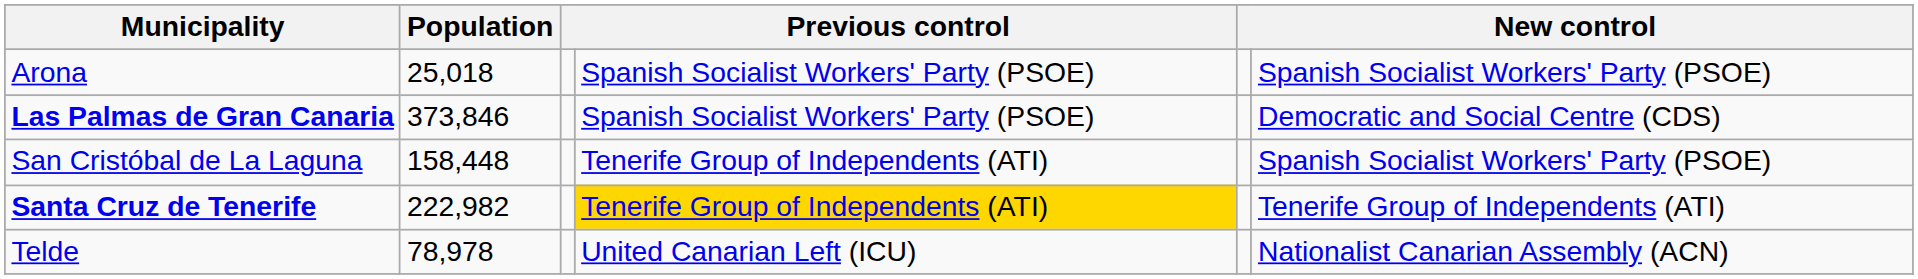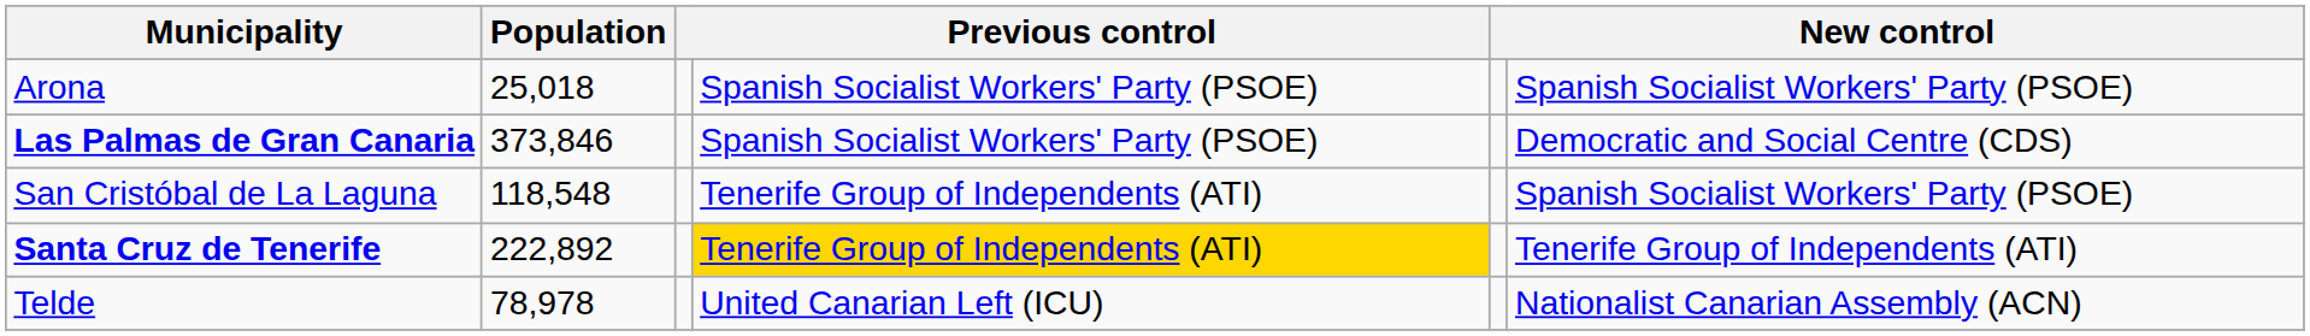 <table class="wikitable sortable">
 <tr>
 <th>Municipality</th>
 <th>Population</th>
 <th colspan="2" style="width:375px;">Previous control</th>
 <th colspan="2" style="width:375px;">New control</th>
 </tr>
 <tr>
 <td><a href='#'>Arona</a></td>
 <td>25,018</td>
 <td width="1" style="color:inherit;background:"></td>
 <td><a href='#'>Spanish Socialist Workers' Party</a> (PSOE)</td>
 <td width="1" style="color:inherit;background:"></td>
 <td><a href='#'>Spanish Socialist Workers' Party</a> (PSOE)</td>
 </tr>
 <tr>
 <td><strong><a href='#'>Las Palmas de Gran Canaria</a></strong></td>
 <td>373,846</td>
 <td style="color:inherit;background:"></td>
 <td><a href='#'>Spanish Socialist Workers' Party</a> (PSOE)</td>
 <td style="color:inherit;background:"></td>
 <td><a href='#'>Democratic and Social Centre</a> (CDS) </td>
 </tr>
 <tr>
 <td><a href='#'>San Cristóbal de La Laguna</a></td>
-<td>158,448</td>
+<td>118,548</td>
 <td style="color:inherit;background:"></td>
 <td><a href='#'>Tenerife Group of Independents</a> (ATI)</td>
 <td style="color:inherit;background:"></td>
 <td><a href='#'>Spanish Socialist Workers' Party</a> (PSOE) </td>
 </tr>
 <tr>
 <td><strong><a href='#'>Santa Cruz de Tenerife</a></strong></td>
-<td>222,982</td>
+<td>222,892</td>
 <td style="color:inherit;background:"></td>
 <td style="background: gold;"><a href='#'>Tenerife Group of Independents</a> (ATI)</td>
 <td style="color:inherit;background:"></td>
 <td><a href='#'>Tenerife Group of Independents</a> (ATI)</td>
 </tr>
 <tr>
 <td><a href='#'>Telde</a></td>
 <td>78,978</td>
 <td style="color:inherit;background:"></td>
 <td><a href='#'>United Canarian Left</a> (ICU)</td>
 <td style="color:inherit;background:"></td>
 <td><a href='#'>Nationalist Canarian Assembly</a> (ACN)</td>
 </tr>
 </table>
